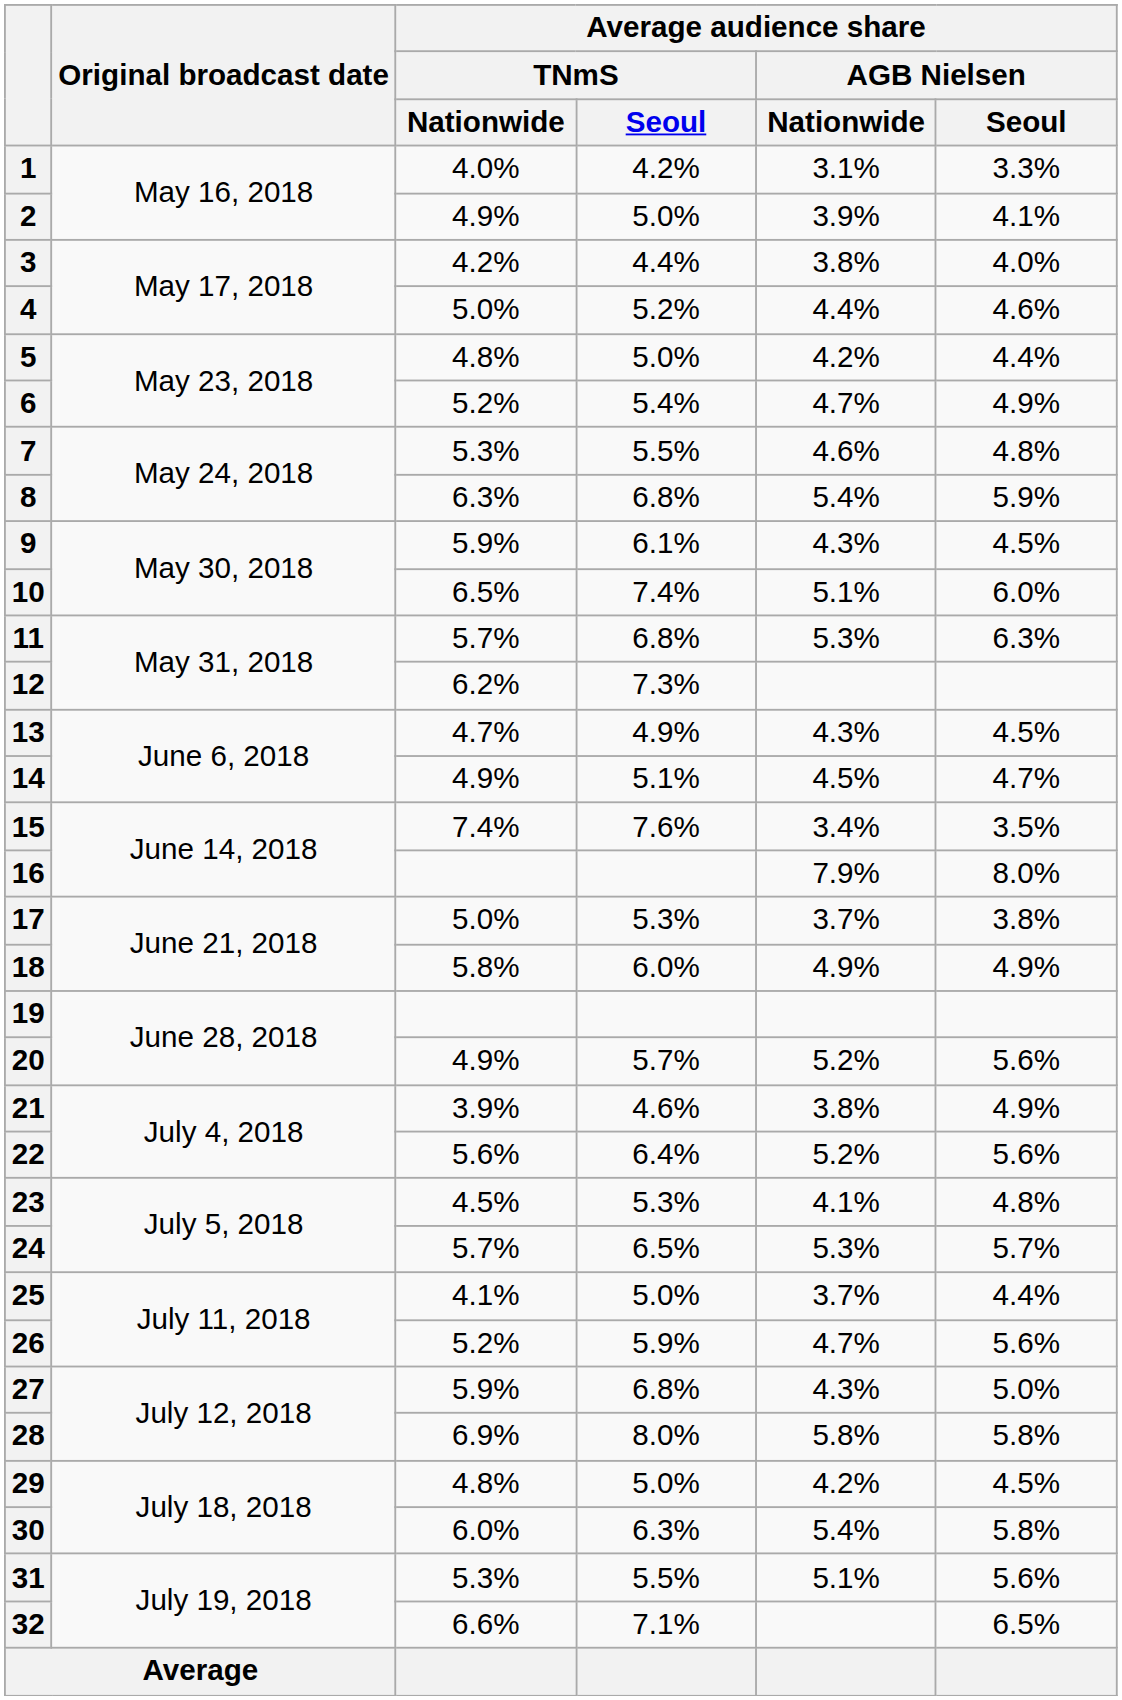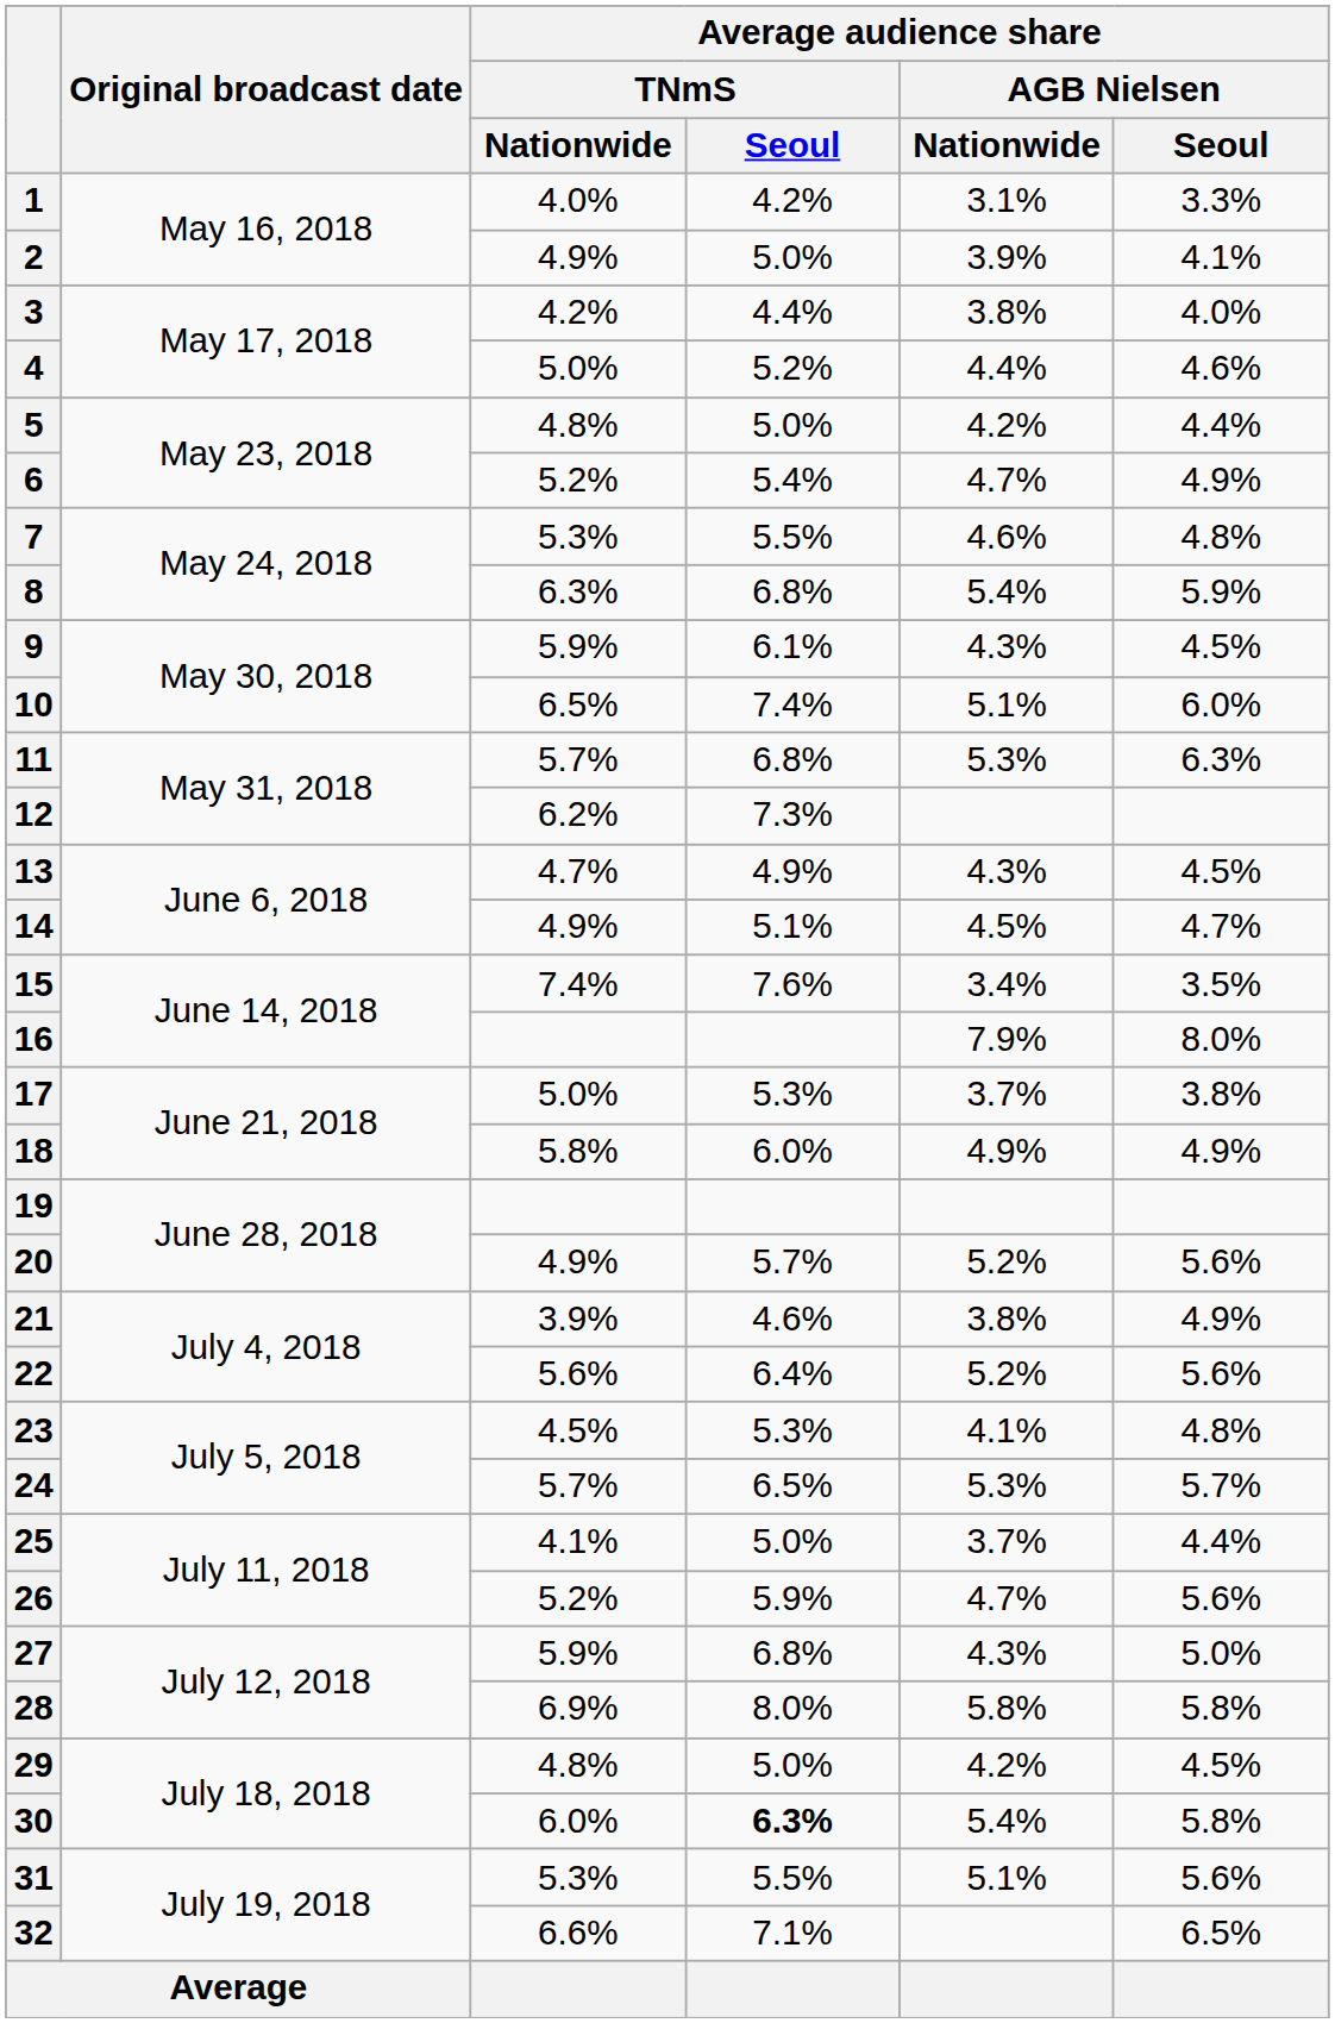 <table class="wikitable" style="text-align:center">
 <tr>
 <th rowspan="3"></th>
 <th rowspan="3">Original broadcast date</th>
 <th colspan="4">Average audience share</th>
 </tr>
 <tr>
 <th colspan="2">TNmS</th>
 <th colspan="2">AGB Nielsen</th>
 </tr>
 <tr>
 <th width="90">Nationwide</th>
 <th width="90"><a href='#'>Seoul</a></th>
 <th width="90">Nationwide</th>
 <th width="90">Seoul</th>
 </tr>
 <tr>
 <th>1</th>
 <td rowspan="2">May 16, 2018</td>
 <td>4.0% </td>
 <td>4.2%</td>
 <td>3.1% </td>
 <td>3.3% </td>
 </tr>
 <tr>
 <th>2</th>
 <td>4.9% </td>
 <td>5.0%</td>
 <td>3.9% </td>
 <td>4.1% </td>
 </tr>
 <tr>
 <th>3</th>
 <td rowspan="2">May 17, 2018</td>
 <td>4.2% </td>
 <td>4.4%</td>
 <td>3.8% </td>
 <td>4.0% </td>
 </tr>
 <tr>
 <th>4</th>
 <td>5.0% </td>
 <td>5.2%</td>
 <td>4.4% </td>
 <td>4.6% </td>
 </tr>
 <tr>
 <th>5</th>
 <td rowspan="2">May 23, 2018</td>
 <td>4.8% </td>
 <td>5.0%</td>
 <td>4.2% </td>
 <td>4.4% </td>
 </tr>
 <tr>
 <th>6</th>
 <td>5.2% </td>
 <td>5.4%</td>
 <td>4.7% </td>
 <td>4.9% </td>
 </tr>
 <tr>
 <th>7</th>
 <td rowspan="2">May 24, 2018</td>
 <td>5.3% </td>
 <td>5.5%</td>
 <td>4.6% </td>
 <td>4.8% </td>
 </tr>
 <tr>
 <th>8</th>
 <td>6.3% </td>
 <td>6.8%</td>
 <td>5.4% </td>
 <td>5.9% </td>
 </tr>
 <tr>
 <th>9</th>
 <td rowspan="2">May 30, 2018</td>
 <td>5.9% </td>
 <td>6.1%</td>
 <td>4.3% </td>
 <td>4.5% </td>
 </tr>
 <tr>
 <th>10</th>
 <td>6.5% </td>
 <td>7.4%</td>
 <td>5.1% </td>
 <td>6.0% </td>
 </tr>
 <tr>
 <th>11</th>
 <td rowspan="2">May 31, 2018</td>
 <td>5.7% </td>
 <td>6.8%</td>
 <td>5.3% </td>
 <td>6.3% </td>
 </tr>
 <tr>
 <th>12</th>
 <td>6.2% </td>
 <td>7.3%</td>
 <td> </td>
 <td> </td>
 </tr>
 <tr>
 <th>13</th>
 <td rowspan="2">June 6, 2018</td>
 <td>4.7%</td>
 <td>4.9%</td>
 <td>4.3% </td>
 <td>4.5% </td>
 </tr>
 <tr>
 <th>14</th>
 <td>4.9%</td>
 <td>5.1%</td>
 <td>4.5% </td>
 <td>4.7% </td>
 </tr>
 <tr>
 <th>15</th>
 <td rowspan="2">June 14, 2018</td>
 <td>7.4%</td>
 <td>7.6%</td>
 <td>3.4% </td>
 <td>3.5% </td>
 </tr>
 <tr>
 <th>16</th>
 <td></td>
 <td></td>
 <td>7.9% </td>
 <td>8.0% </td>
 </tr>
 <tr>
 <th>17</th>
 <td rowspan="2">June 21, 2018</td>
 <td>5.0%</td>
 <td>5.3%</td>
 <td>3.7% </td>
 <td>3.8% </td>
 </tr>
 <tr>
 <th>18</th>
 <td>5.8%</td>
 <td>6.0%</td>
 <td>4.9% </td>
 <td>4.9% </td>
 </tr>
 <tr>
 <th>19</th>
 <td rowspan="2">June 28, 2018</td>
 <td></td>
 <td></td>
 <td> </td>
 <td> </td>
 </tr>
 <tr>
 <th>20</th>
 <td>4.9%</td>
 <td>5.7%</td>
 <td>5.2% </td>
 <td>5.6% </td>
 </tr>
 <tr>
 <th>21</th>
 <td rowspan="2">July 4, 2018</td>
 <td>3.9%</td>
 <td>4.6%</td>
 <td>3.8% </td>
 <td>4.9% </td>
 </tr>
 <tr>
 <th>22</th>
 <td>5.6%</td>
 <td>6.4%</td>
 <td>5.2% </td>
 <td>5.6% </td>
 </tr>
 <tr>
 <th>23</th>
 <td rowspan="2">July 5, 2018</td>
 <td>4.5%</td>
 <td>5.3%</td>
 <td>4.1% </td>
 <td>4.8% </td>
 </tr>
 <tr>
 <th>24</th>
 <td>5.7%</td>
 <td>6.5%</td>
 <td>5.3% </td>
 <td>5.7% </td>
 </tr>
 <tr>
 <th>25</th>
 <td rowspan="2">July 11, 2018</td>
 <td>4.1%</td>
 <td>5.0%</td>
 <td>3.7% </td>
 <td>4.4% </td>
 </tr>
 <tr>
 <th>26</th>
 <td>5.2%</td>
 <td>5.9%</td>
 <td>4.7% </td>
 <td>5.6% </td>
 </tr>
 <tr>
 <th>27</th>
 <td rowspan="2">July 12, 2018</td>
 <td>5.9%</td>
 <td>6.8%</td>
 <td>4.3% </td>
 <td>5.0% </td>
 </tr>
 <tr>
 <th>28</th>
 <td>6.9%</td>
 <td>8.0%</td>
 <td>5.8% </td>
 <td>5.8% </td>
 </tr>
 <tr>
 <th>29</th>
 <td rowspan="2">July 18, 2018</td>
 <td>4.8%</td>
 <td>5.0%</td>
 <td>4.2% </td>
 <td>4.5% </td>
 </tr>
 <tr>
 <th>30</th>
 <td>6.0%</td>
-<td>6.3%</td>
+<td><strong>6.3%</strong></td>
 <td>5.4% </td>
 <td>5.8% </td>
 </tr>
 <tr>
 <th>31</th>
 <td rowspan="2">July 19, 2018</td>
 <td>5.3%</td>
 <td>5.5%</td>
 <td>5.1% </td>
 <td>5.6% </td>
 </tr>
 <tr>
 <th>32</th>
 <td>6.6%</td>
 <td>7.1%</td>
 <td> </td>
 <td>6.5% </td>
 </tr>
 <tr>
 <th colspan="2">Average</th>
 <th></th>
 <th></th>
 <th></th>
 <th></th>
 </tr>
 </table>
